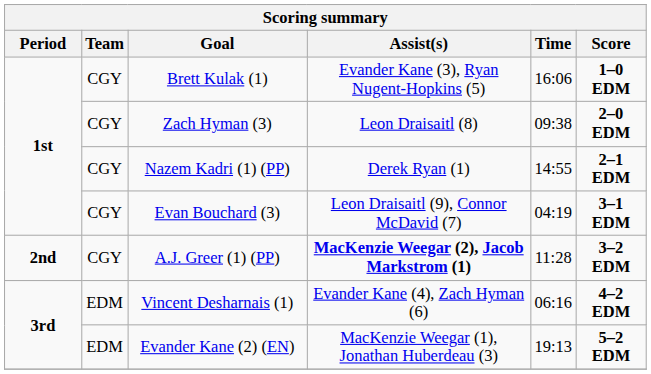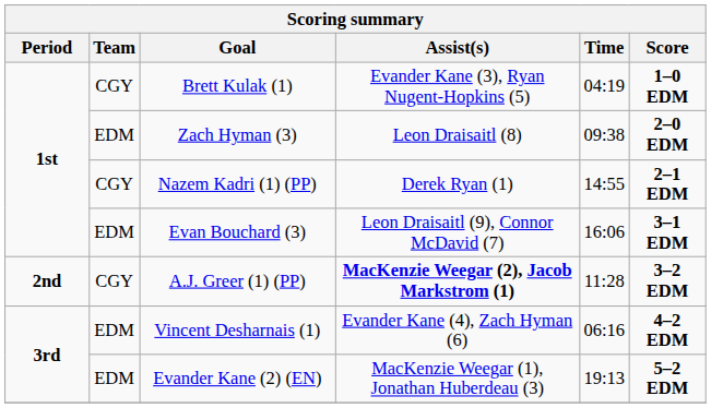 <table style="width:100%;" class="wikitable">
 <tr>
 <th colspan=6>Scoring summary</th>
 </tr>
 <tr>
 <th style="width:12%;">Period</th>
 <th style="width:7%;">Team</th>
 <th style="width:28%;">Goal</th>
 <th style="width:35%;">Assist(s)</th>
 <th style="width:7%;">Time</th>
 <th style="width:11%;">Score</th>
 </tr>
 <tr style="text-align:center;">
 <td style="text-align:center;" rowspan="4"><strong>1st</strong></td>
 <td align=center>CGY</td>
 <td><a href='#'>Brett Kulak</a> (1)</td>
 <td><a href='#'>Evander Kane</a> (3), <a href='#'>Ryan Nugent-Hopkins</a> (5)</td>
-<td>16:06</td>
+<td>04:19</td>
 <td><strong>1–0 EDM</strong></td>
 </tr>
 <tr style="text-align:center">
-<td align=center>CGY</td>
+<td align=center>EDM</td>
 <td><a href='#'>Zach Hyman</a> (3)</td>
 <td><a href='#'>Leon Draisaitl</a> (8)</td>
 <td>09:38</td>
 <td><strong>2–0 EDM</strong></td>
 </tr>
 <tr style="text-align:center">
 <td align=center>CGY</td>
 <td><a href='#'>Nazem Kadri</a> (1) (<a href='#'>PP</a>)</td>
 <td><a href='#'>Derek Ryan</a> (1)</td>
 <td>14:55</td>
 <td><strong>2–1 EDM</strong></td>
 </tr>
 <tr style="text-align:center">
-<td align=center>CGY</td>
+<td align=center>EDM</td>
 <td><a href='#'>Evan Bouchard</a> (3)</td>
 <td><a href='#'>Leon Draisaitl</a> (9), <a href='#'>Connor McDavid</a> (7)</td>
-<td>04:19</td>
+<td>16:06</td>
 <td><strong>3–1 EDM</strong></td>
 </tr>
 <tr style="text-align:center;">
 <td style="text-align:center;"><strong>2nd</strong></td>
 <td align=center>CGY</td>
 <td><a href='#'>A.J. Greer</a> (1) (<a href='#'>PP</a>)</td>
 <td><strong><a href='#'>MacKenzie Weegar</a> (2), <a href='#'>Jacob Markstrom</a> (1)</strong></td>
 <td align=center>11:28</td>
 <td align=center><strong>3–2 EDM</strong></td>
 </tr>
 <tr style="text-align:center;">
 <td style="text-align:center;" rowspan="2"><strong>3rd</strong></td>
 <td align=center>EDM</td>
 <td><a href='#'>Vincent Desharnais</a> (1)</td>
 <td><a href='#'>Evander Kane</a> (4), <a href='#'>Zach Hyman</a> (6)</td>
 <td align=center>06:16</td>
 <td align=center><strong>4–2 EDM</strong></td>
 </tr>
 <tr style="text-align:center;">
 <td align=center>EDM</td>
 <td><a href='#'>Evander Kane</a> (2) (<a href='#'>EN</a>)</td>
 <td><a href='#'>MacKenzie Weegar</a> (1), <a href='#'>Jonathan Huberdeau</a> (3)</td>
 <td align=center>19:13</td>
 <td align=center><strong>5–2 EDM</strong></td>
 </tr>
 <tr>
 </tr>
 </table>
